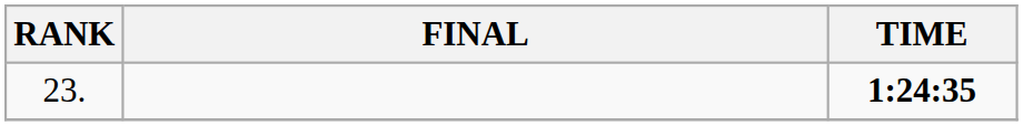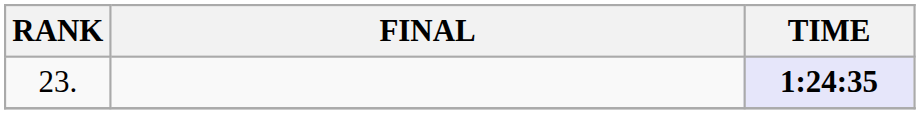 <table class="wikitable" style="border-collapse: collapse; font-size: 90%;">
 <tr>
 <th>RANK</th>
 <th style="width: 20em">FINAL</th>
 <th style="width: 5em">TIME</th>
 </tr>
 <tr>
 <td align="center">23.</td>
 <td></td>
-<td align="center"><strong>1:24:35</strong></td>
+<td align="center" style="background: lavender;"><strong>1:24:35</strong></td>
 </tr>
 <tr>
 </tr>
 </table>
